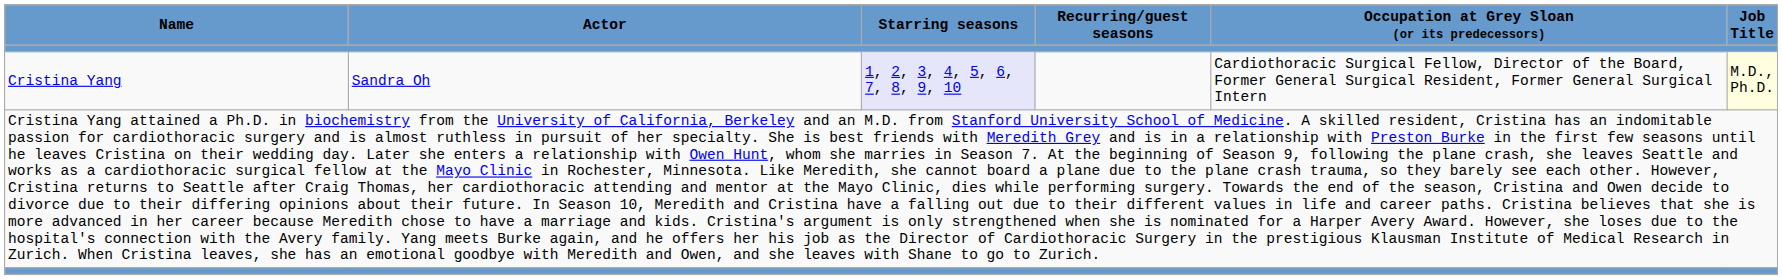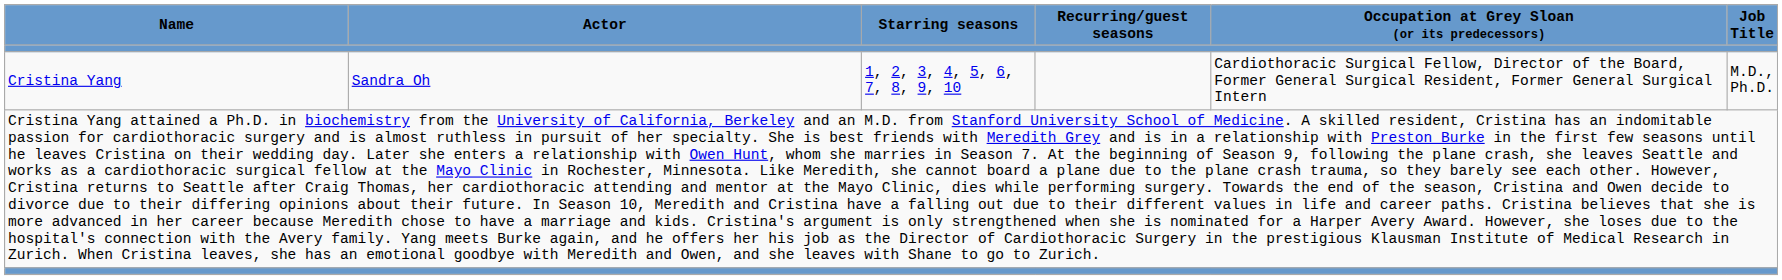 <table class="wikitable" style="width:100%; margin-right:auto;">
 <tr>
 <th style="background-color:#6699CC; width:20%">Name</th>
 <th style="background-color:#6699CC; width:30%">Actor</th>
 <th style="background-color:#6699CC; width:10%">Starring seasons</th>
 <th style="background-color:#6699CC; width:10%">Recurring/guest seasons</th>
 <th style="background-color:#6699CC; width:30%">Occupation at Grey Sloan<br><small>(or its predecessors)</small></th>
 <th style="background-color:#6699CC; width:30%">Job Title</th>
 </tr>
 <tr>
 <td colspan="7" bgcolor="#6699CC"></td>
 </tr>
 <tr>
 <td><a href='#'>Cristina Yang</a></td>
 <td><a href='#'>Sandra Oh</a></td>
-<td style="background: lavender;"><a href='#'>1</a>, <a href='#'>2</a>, <a href='#'>3</a>, <a href='#'>4</a>, <a href='#'>5</a>, <a href='#'>6</a>, <a href='#'>7</a>, <a href='#'>8</a>, <a href='#'>9</a>, <a href='#'>10</a></td>
+<td><a href='#'>1</a>, <a href='#'>2</a>, <a href='#'>3</a>, <a href='#'>4</a>, <a href='#'>5</a>, <a href='#'>6</a>, <a href='#'>7</a>, <a href='#'>8</a>, <a href='#'>9</a>, <a href='#'>10</a></td>
 <td></td>
 <td>Cardiothoracic Surgical Fellow, Director of the Board, Former General Surgical Resident, Former General Surgical Intern</td>
-<td style="background: lightyellow;">M.D., Ph.D.</td>
+<td>M.D., Ph.D.</td>
 </tr>
 <tr>
 <td colspan="7">Cristina Yang attained a Ph.D. in <a href='#'>biochemistry</a> from the <a href='#'>University of California, Berkeley</a> and an M.D. from <a href='#'>Stanford University School of Medicine</a>. A skilled resident, Cristina has an indomitable passion for cardiothoracic surgery and is almost ruthless in pursuit of her specialty. She is best friends with <a href='#'>Meredith Grey</a> and is in a relationship with <a href='#'>Preston Burke</a> in the first few seasons until he leaves Cristina on their wedding day. Later she enters a relationship with <a href='#'>Owen Hunt</a>, whom she marries in Season 7. At the beginning of Season 9, following the plane crash, she leaves Seattle and works as a cardiothoracic surgical fellow at the <a href='#'>Mayo Clinic</a> in Rochester, Minnesota. Like Meredith, she cannot board a plane due to the plane crash trauma, so they barely see each other. However, Cristina returns to Seattle after Craig Thomas, her cardiothoracic attending and mentor at the Mayo Clinic, dies while performing surgery. Towards the end of the season, Cristina and Owen decide to divorce due to their differing opinions about their future. In Season 10, Meredith and Cristina have a falling out due to their different values in life and career paths. Cristina believes that she is more advanced in her career because Meredith chose to have a marriage and kids. Cristina's argument is only strengthened when she is nominated for a Harper Avery Award. However, she loses due to the hospital's connection with the Avery family. Yang meets Burke again, and he offers her his job as the Director of Cardiothoracic Surgery in the prestigious Klausman Institute of Medical Research in Zurich. When Cristina leaves, she has an emotional goodbye with Meredith and Owen, and she leaves with Shane to go to Zurich.</td>
 </tr>
 <tr>
 <td colspan="7" bgcolor="#6699CC"></td>
 </tr>
 <tr>
 </tr>
 </table>
